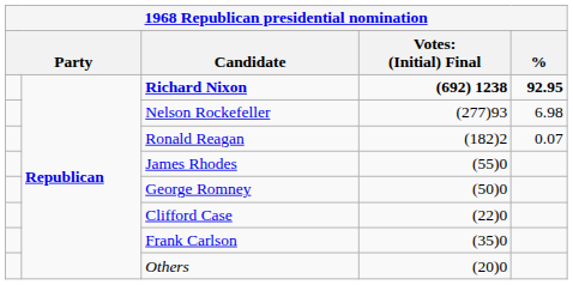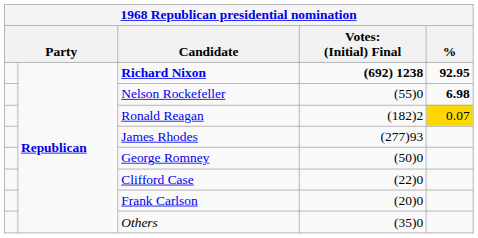 <table class="wikitable">
 <tr>
 <th colspan=5 style="background:#f5f5f5"><a href='#'>1968 Republican presidential nomination</a></th>
 </tr>
 <tr style="vertical-align:bottom;">
 <th style="width: 8em;" colspan=2>Party</th>
 <th>Candidate</th>
 <th>Votes:<br>(Initial) Final</th>
 <th>%</th>
 </tr>
 <tr>
 <td style="background-color: "></td>
 <td style="width: 7em;" rowspan=8><strong><a href='#'>Republican</a></strong></td>
 <td style="width: 13em;"><strong><a href='#'>Richard Nixon</a></strong></td>
 <td style="width: 9em; text-align:right"><strong>(692) 1238</strong></td>
 <td style="width: 3em; text-align:right"><strong>92.95</strong></td>
 </tr>
 <tr>
 <td style="background-color: "></td>
 <td><a href='#'>Nelson Rockefeller</a></td>
-<td style="text-align:right">(277)93</td>
-<td style="text-align:right">6.98</td>
+<td style="text-align:right">(55)0</td>
+<td style="text-align:right"><strong>6.98</strong></td>
 </tr>
 <tr>
 <td style="background-color: "></td>
 <td><a href='#'>Ronald Reagan</a></td>
 <td style="text-align:right">(182)2</td>
-<td style="text-align:right">0.07</td>
+<td style="background: gold; text-align:right">0.07</td>
 </tr>
 <tr>
 <td style="background-color: "></td>
 <td><a href='#'>James Rhodes</a></td>
-<td style="text-align:right">(55)0</td>
+<td style="text-align:right">(277)93</td>
 <td style="text-align:right"></td>
 </tr>
 <tr>
 <td style="background-color: "></td>
 <td><a href='#'>George Romney</a></td>
 <td style="text-align:right">(50)0</td>
 <td style="text-align:right"></td>
 </tr>
 <tr>
 <td style="background-color: "></td>
 <td><a href='#'>Clifford Case</a></td>
 <td style="text-align:right">(22)0</td>
 <td style="text-align:right"></td>
 </tr>
 <tr>
 <td style="background-color: "></td>
 <td><a href='#'>Frank Carlson</a></td>
-<td style="text-align:right">(35)0</td>
+<td style="text-align:right">(20)0</td>
 <td style="text-align:right"></td>
 </tr>
 <tr>
 <td style="background-color: "></td>
 <td><em>Others</em></td>
-<td style="text-align:right">(20)0</td>
+<td style="text-align:right">(35)0</td>
 <td style="text-align:right"></td>
 </tr>
 </table>
